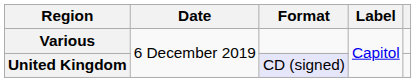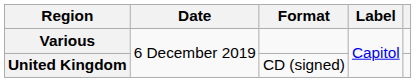 <table class="wikitable plainrowheaders">
 <tr>
 <th scope="col">Region</th>
 <th scope="col">Date</th>
 <th scope="col">Format</th>
 <th scope="col">Label</th>
 <th scope="col"></th>
 </tr>
 <tr>
 <th scope="row">Various</th>
 <td rowspan="2">6 December 2019</td>
 <td></td>
 <td rowspan="2"><a href='#'>Capitol</a></td>
 <td></td>
 </tr>
 <tr>
 <th scope="row">United Kingdom</th>
-<td style="background: lavender;">CD (signed)</td>
+<td>CD (signed)</td>
 <td></td>
 </tr>
 </table>
